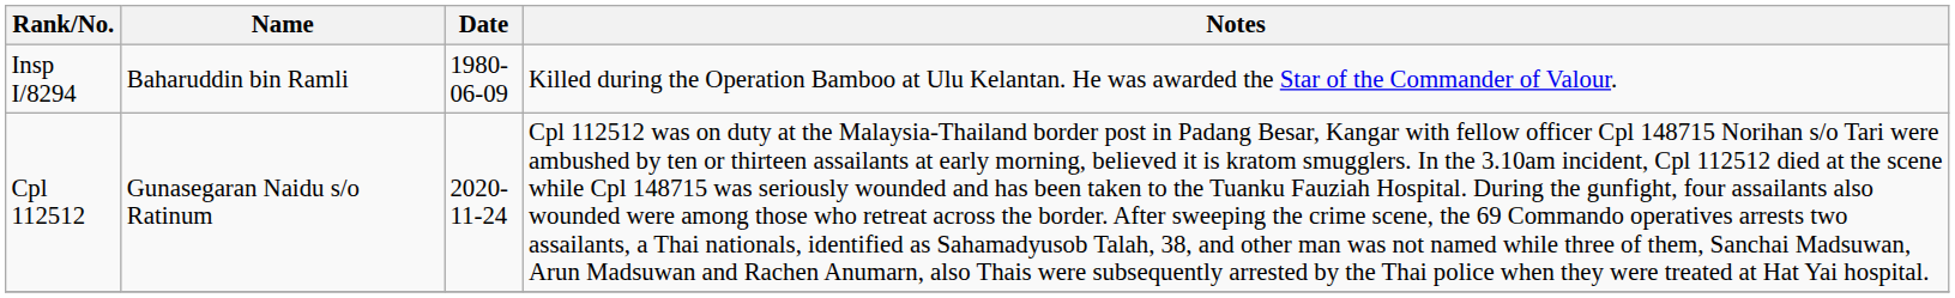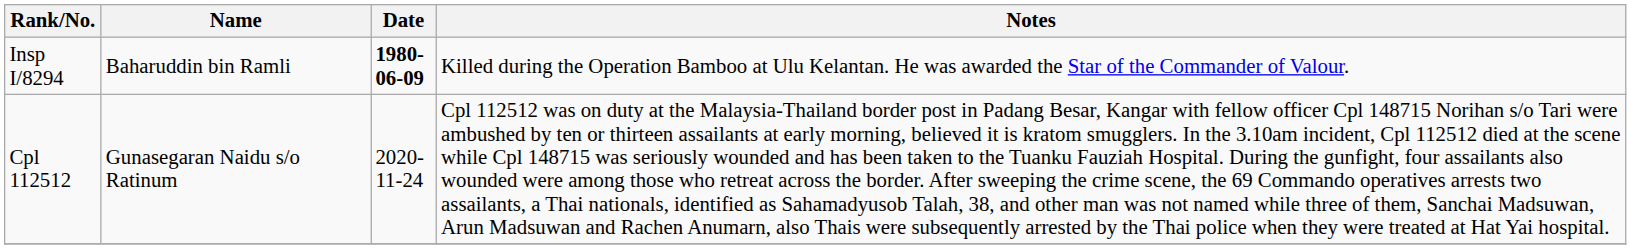 <table class="wikitable">
 <tr>
 <th>Rank/No.</th>
 <th style="width: 200px;">Name</th>
 <th>Date</th>
 <th>Notes</th>
 </tr>
 <tr>
 <td>Insp I/8294</td>
 <td>Baharuddin bin Ramli</td>
-<td>1980-06-09</td>
+<td><strong>1980-06-09</strong></td>
 <td>Killed during the Operation Bamboo at Ulu Kelantan. He was awarded the <a href='#'>Star of the Commander of Valour</a>.</td>
 </tr>
 <tr>
 <td>Cpl 112512</td>
 <td>Gunasegaran Naidu s/o Ratinum</td>
 <td>2020-11-24</td>
 <td>Cpl 112512 was on duty at the Malaysia-Thailand border post in Padang Besar, Kangar with fellow officer Cpl 148715 Norihan s/o Tari were ambushed by ten or thirteen assailants at early morning, believed it is kratom smugglers. In the 3.10am incident, Cpl 112512 died at the scene while Cpl 148715 was seriously wounded and has been taken to the Tuanku Fauziah Hospital. During the gunfight, four assailants also wounded were among those who retreat across the border. After sweeping the crime scene, the 69 Commando operatives arrests two assailants, a Thai nationals, identified as Sahamadyusob Talah, 38, and other man was not named while three of them, Sanchai Madsuwan, Arun Madsuwan and Rachen Anumarn, also Thais were subsequently arrested by the Thai police when they were treated at Hat Yai hospital.</td>
 </tr>
 <tr>
 </tr>
 </table>
